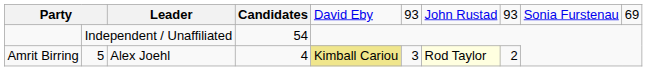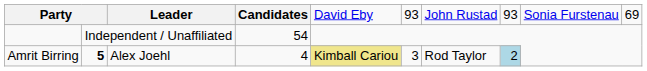 <table class="wikitable">
 <tr>
 <th colspan="2">Party</th>
 <th>Leader</th>
 <th>Candidates<br></th>
 <td><a href='#'>David Eby</a></td>
 <td style="text-align:right;">93<br></td>
 <td><a href='#'>John Rustad</a></td>
 <td style="text-align:right;">93<br></td>
 <td><a href='#'>Sonia Furstenau</a></td>
 <td style="text-align:right;">69</td>
 </tr>
 <tr>
 <td></td>
 <td colspan=2>Independent / Unaffiliated</td>
 <td style="text-align:right;">54</td>
 </tr>
 <tr>
 <td>Amrit Birring</td>
-<td style="text-align:right;">5<br></td>
+<td style="text-align:right;"><strong>5<br></strong></td>
 <td>Alex Joehl</td>
 <td style="text-align:right;">4<br></td>
 <td style="background: khaki;">Kimball Cariou</td>
 <td style="text-align:right;">3<br></td>
-<td style="background: lightyellow;">Rod Taylor</td>
-<td style="text-align:right;">2</td>
+<td>Rod Taylor</td>
+<td style="background: lightblue; text-align:right;">2</td>
 </tr>
 </table>
